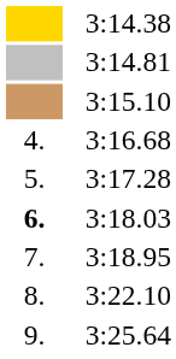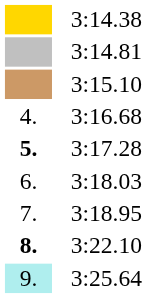 <table style="text-align:center">
 <tr>
 <td width=30 bgcolor=gold></td>
 <td align=left></td>
 <td width=60>3:14.38</td>
 </tr>
 <tr>
 <td bgcolor=silver></td>
 <td align=left></td>
 <td>3:14.81</td>
 </tr>
 <tr>
 <td bgcolor=cc9966></td>
 <td align=left></td>
 <td>3:15.10</td>
 </tr>
 <tr>
 <td>4.</td>
 <td align=left></td>
 <td>3:16.68</td>
 </tr>
 <tr>
-<td>5.</td>
+<td><strong>5.</strong></td>
 <td align=left></td>
 <td>3:17.28</td>
 </tr>
 <tr>
-<td><strong>6.</strong></td>
+<td>6.</td>
 <td align=left></td>
 <td>3:18.03</td>
 </tr>
 <tr>
 <td>7.</td>
 <td align=left></td>
 <td>3:18.95</td>
 </tr>
 <tr>
-<td>8.</td>
+<td><strong>8.</strong></td>
 <td align=left></td>
 <td>3:22.10</td>
 </tr>
 <tr>
-<td>9.</td>
+<td style="background: paleturquoise;">9.</td>
 <td align=left></td>
 <td>3:25.64</td>
 </tr>
 </table>
